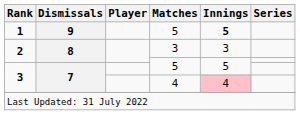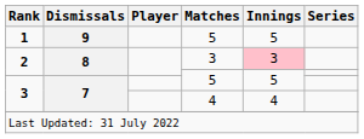 <table class="wikitable plainrowheaders sortable">
 <tr>
 <th scope=col>Rank</th>
 <th scope=col>Dismissals</th>
 <th scope=col>Player</th>
 <th scope=col>Matches</th>
 <th scope=col>Innings</th>
 <th scope=col>Series</th>
 </tr>
 <tr>
 <td align=center><strong>1</strong></td>
 <th scope=row style=text-align:center;><strong>9</strong></th>
 <td></td>
 <td align=center>5</td>
-<td align=center><strong>5</strong></td>
+<td align=center>5</td>
 <td></td>
 </tr>
 <tr>
 <td align=center rowspan=2><strong>2</strong></td>
 <th scope=row style=text-align:center; rowspan=2><strong>8</strong></th>
 <td rowspan=2> </td>
 <td align=center>3</td>
-<td align=center>3</td>
+<td align=center style="background: pink;">3</td>
 <td></td>
 </tr>
 <tr>
 <td align=center rowspan=2>5</td>
 <td align=center rowspan=2>5</td>
 <td></td>
 </tr>
 <tr>
 <td align=center rowspan=2><strong>3</strong></td>
 <th scope=row style=text-align:center; rowspan=2><strong>7</strong></th>
 <td></td>
 <td></td>
 </tr>
 <tr>
 <td> </td>
 <td align=center>4</td>
-<td align=center style="background: pink;">4</td>
+<td align=center>4</td>
 <td></td>
 </tr>
 <tr>
 </tr>
 <tr class=sortbottom>
 <td colspan=6><small>Last Updated: 31 July 2022</small></td>
 </tr>
 </table>
